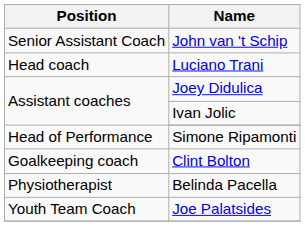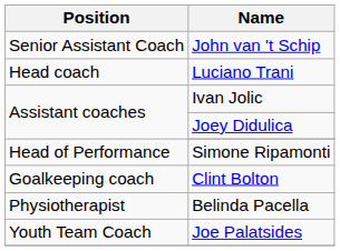 <table class="wikitable">
 <tr>
 <th>Position</th>
 <th>Name</th>
 </tr>
 <tr>
 <td>Senior Assistant Coach</td>
 <td> <a href='#'>John van 't Schip</a></td>
 </tr>
 <tr>
 <td>Head coach</td>
 <td> <a href='#'>Luciano Trani</a></td>
 </tr>
 <tr>
 <td rowspan="2">Assistant coaches</td>
-<td> <a href='#'>Joey Didulica</a></td>
+<td> Ivan Jolic</td>
 </tr>
 <tr>
-<td> Ivan Jolic</td>
+<td> <a href='#'>Joey Didulica</a></td>
 </tr>
 <tr>
 <td rowspan="2">Head of Performance</td>
 </tr>
 <tr>
 <td> Simone Ripamonti</td>
 </tr>
 <tr>
 <td>Goalkeeping coach</td>
 <td> <a href='#'>Clint Bolton</a></td>
 </tr>
 <tr>
 <td>Physiotherapist</td>
 <td> Belinda Pacella</td>
 </tr>
 <tr>
 <td>Youth Team Coach</td>
 <td> <a href='#'>Joe Palatsides</a></td>
 </tr>
 <tr>
 </tr>
 </table>
